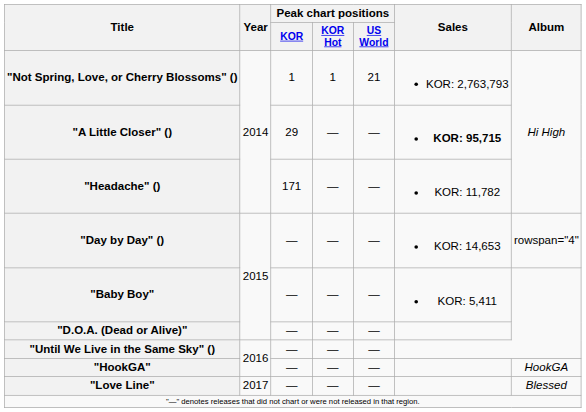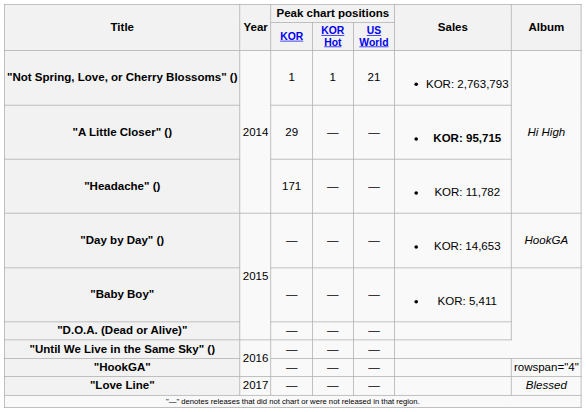 <table class="wikitable plainrowheaders" style="text-align:center;" border="1">
 <tr>
 <th scope="col" rowspan="2">Title</th>
 <th scope="col" rowspan="2">Year</th>
 <th colspan="3" scope="col">Peak chart positions</th>
 <th scope="col" rowspan="2">Sales</th>
 <th scope="col" rowspan="2">Album</th>
 </tr>
 <tr>
 <th scope="col" style="width:3.5em;font-size:90%;"><a href='#'>KOR</a><br></th>
 <th scope="col" style="width:3.5em;font-size:90%;"><a href='#'>KOR<br>Hot</a><br></th>
 <th scope="col" style="width:3.5em;font-size:90%;"><a href='#'>US<br>World</a><br></th>
 </tr>
 <tr>
 <th scope="row">"Not Spring, Love, or Cherry Blossoms" () </th>
 <td rowspan="3">2014</td>
 <td>1</td>
 <td>1</td>
 <td>21</td>
 <td><br><ul><li>KOR: 2,763,793</li></ul></td>
 <td rowspan="3"><em>Hi High</em></td>
 </tr>
 <tr>
 <th scope="row">"A Little Closer" () </th>
 <td>29</td>
 <td>—</td>
 <td>—</td>
 <td><strong><br><ul><li>KOR: 95,715</li></ul></strong></td>
 </tr>
 <tr>
 <th scope="row">"Headache" ()</th>
 <td>171</td>
 <td>—</td>
 <td>—</td>
 <td><br><ul><li>KOR: 11,782</li></ul></td>
 </tr>
 <tr>
 <th scope="row">"Day by Day" ()</th>
 <td rowspan="3">2015</td>
 <td>—</td>
 <td>—</td>
 <td>—</td>
 <td><br><ul><li>KOR: 14,653</li></ul></td>
-<td>rowspan="4" </td>
+<td><em>HookGA</em></td>
 </tr>
 <tr>
 <th scope="row">"Baby Boy"</th>
 <td>—</td>
 <td>—</td>
 <td>—</td>
 <td><br><ul><li>KOR: 5,411</li></ul></td>
 </tr>
 <tr>
 <th scope="row">"D.O.A. (Dead or Alive)"</th>
 <td>—</td>
 <td>—</td>
 <td>—</td>
 <td></td>
 </tr>
 <tr>
 <th scope="row">"Until We Live in the Same Sky" ()</th>
 <td rowspan="2">2016</td>
 <td>—</td>
 <td>—</td>
 <td>—</td>
 </tr>
 <tr>
 <th scope="row">"HookGA" </th>
 <td>—</td>
 <td>—</td>
 <td>—</td>
 <td></td>
-<td><em>HookGA</em></td>
+<td>rowspan="4" </td>
 </tr>
 <tr>
 <th scope="row">"Love Line"</th>
 <td>2017</td>
 <td>—</td>
 <td>—</td>
 <td>—</td>
 <td></td>
 <td><em>Blessed</em></td>
 </tr>
 <tr>
 <td colspan="7" style="font-size:8pt">"—" denotes releases that did not chart or were not released in that region.</td>
 </tr>
 </table>
